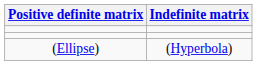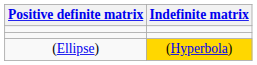 <table class="wikitable" style="float:right; text-align:center; margin:0ex 0ex 2ex 2ex;">
 <tr>
 <th><a href='#'>Positive definite matrix</a></th>
 <th><a href='#'>Indefinite matrix</a></th>
 </tr>
 <tr>
 <td></td>
 <td></td>
 </tr>
 <tr>
 <td></td>
 <td></td>
 </tr>
 <tr>
 <td>    (<a href='#'>Ellipse</a>)</td>
-<td>  (<a href='#'>Hyperbola</a>)</td>
+<td style="background: gold;">  (<a href='#'>Hyperbola</a>)</td>
 </tr>
 </table>
